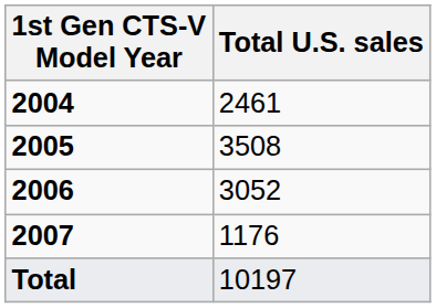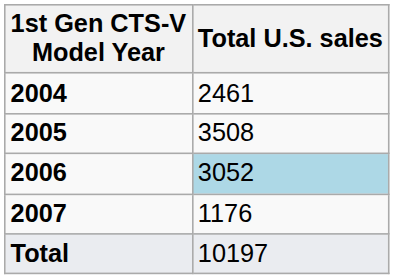 <table class="wikitable">
 <tr>
 <th>1st Gen CTS-V<br>Model Year</th>
 <th>Total U.S. sales</th>
 </tr>
 <tr>
 <td><strong>2004</strong></td>
 <td>2461</td>
 </tr>
 <tr>
 <td><strong>2005</strong></td>
 <td>3508</td>
 </tr>
 <tr>
 <td><strong>2006</strong></td>
-<td>3052</td>
+<td style="background: lightblue;">3052</td>
 </tr>
 <tr>
 <td><strong>2007</strong></td>
 <td>1176</td>
 </tr>
 <tr style="background-color:#eaecf0">
 <td><strong>Total</strong></td>
 <td>10197</td>
 </tr>
 </table>
